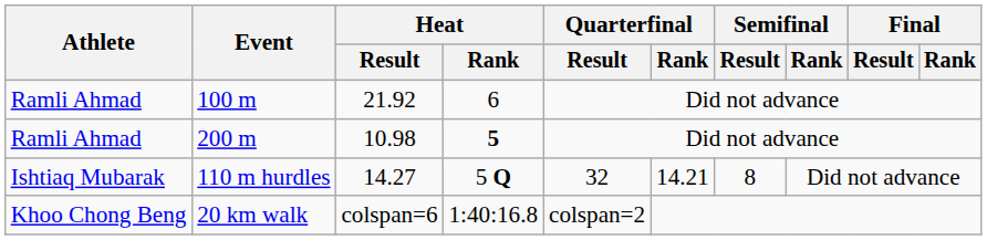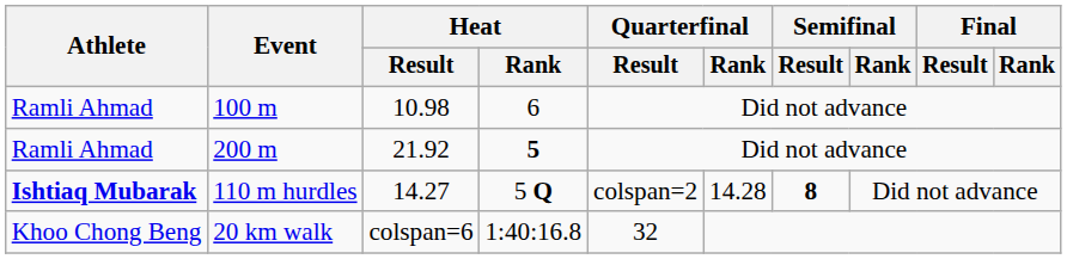 <table class="wikitable" style="font-size:90%">
 <tr>
 <th rowspan="2">Athlete</th>
 <th rowspan="2">Event</th>
 <th colspan="2">Heat</th>
 <th colspan="2">Quarterfinal</th>
 <th colspan="2">Semifinal</th>
 <th colspan="2">Final</th>
 </tr>
 <tr style="font-size:95%">
 <th>Result</th>
 <th>Rank</th>
 <th>Result</th>
 <th>Rank</th>
 <th>Result</th>
 <th>Rank</th>
 <th>Result</th>
 <th>Rank</th>
 </tr>
 <tr align=center>
 <td align=left><a href='#'>Ramli Ahmad</a></td>
 <td align=left><a href='#'>100 m</a></td>
-<td>21.92</td>
+<td>10.98</td>
 <td>6</td>
 <td colspan=6>Did not advance</td>
 </tr>
 <tr align=center>
 <td align=left><a href='#'>Ramli Ahmad</a></td>
 <td align=left><a href='#'>200 m</a></td>
-<td>10.98</td>
+<td>21.92</td>
 <td><strong>5</strong></td>
 <td colspan=6>Did not advance</td>
 </tr>
 <tr align=center>
-<td align=left><a href='#'>Ishtiaq Mubarak</a></td>
+<td align=left><strong><a href='#'>Ishtiaq Mubarak</a></strong></td>
 <td align=left><a href='#'>110 m hurdles</a></td>
 <td>14.27</td>
 <td>5 <strong>Q</strong></td>
-<td>32</td>
-<td>14.21</td>
-<td>8</td>
+<td>colspan=2 </td>
+<td>14.28</td>
+<td><strong>8</strong></td>
 <td colspan=4>Did not advance</td>
 </tr>
 <tr align=center>
 <td align=left><a href='#'>Khoo Chong Beng</a></td>
 <td align=left><a href='#'>20 km walk</a></td>
 <td>colspan=6 </td>
 <td>1:40:16.8</td>
-<td>colspan=2 </td>
+<td>32</td>
 </tr>
 </table>
